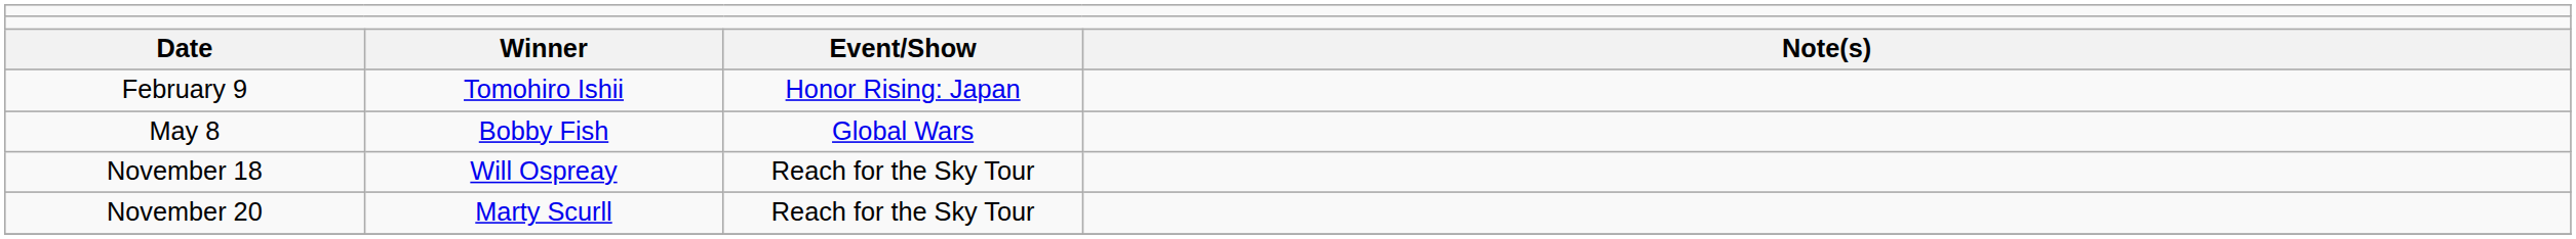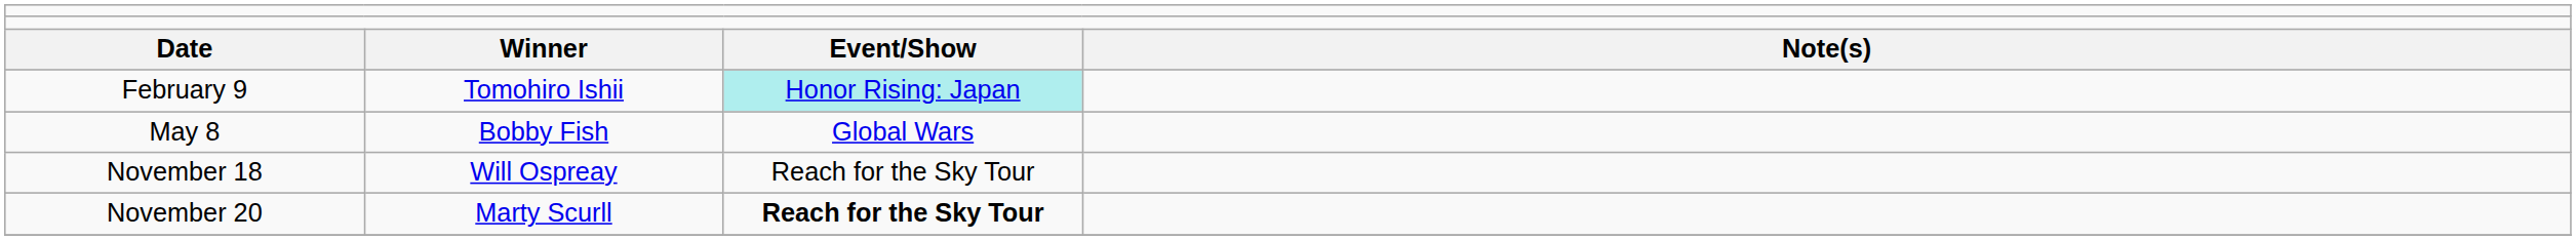 <table class="wikitable" style="text-align:center; width:100%;">
 <tr>
 <td colspan="5"></td>
 </tr>
 <tr>
 <td colspan="5"><strong></strong></td>
 </tr>
 <tr>
 <th width=14%>Date</th>
 <th width=14%>Winner</th>
 <th width=14%>Event/Show</th>
 <th width=58%>Note(s)</th>
 </tr>
 <tr>
 <td>February 9</td>
 <td><a href='#'>Tomohiro Ishii</a></td>
-<td><a href='#'>Honor Rising: Japan</a></td>
+<td style="background: paleturquoise;"><a href='#'>Honor Rising: Japan</a></td>
 <td align="left"></td>
 </tr>
 <tr>
 <td>May 8</td>
 <td><a href='#'>Bobby Fish</a></td>
 <td><a href='#'>Global Wars</a></td>
 <td align="left"></td>
 </tr>
 <tr>
 <td>November 18</td>
 <td><a href='#'>Will Ospreay</a></td>
 <td>Reach for the Sky Tour</td>
 <td align="left"></td>
 </tr>
 <tr>
 <td>November 20</td>
 <td><a href='#'>Marty Scurll</a></td>
-<td>Reach for the Sky Tour</td>
+<td><strong>Reach for the Sky Tour</strong></td>
 <td align="left"></td>
 </tr>
 <tr>
 </tr>
 </table>
